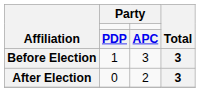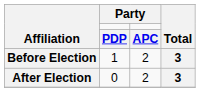 <table class=wikitable style="text-align:center">
 <tr style="vertical-align:bottom;">
 <th rowspan=3>Affiliation</th>
 <th colspan=2>Party</th>
 <th rowspan=3>Total</th>
 </tr>
 <tr>
 <td style="background-color:"></td>
 <td style="background-color:"></td>
 </tr>
 <tr>
 <th><a href='#'>PDP</a></th>
 <th><a href='#'>APC</a></th>
 </tr>
 <tr>
 <th>Before Election</th>
 <td>1</td>
-<td>3</td>
+<td>2</td>
 <th>3</th>
 </tr>
 <tr>
 <th>After Election</th>
 <td>0</td>
 <td>2</td>
 <th>3</th>
 </tr>
 <tr>
 </tr>
 </table>
